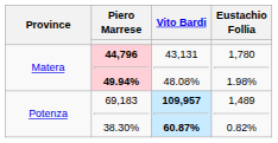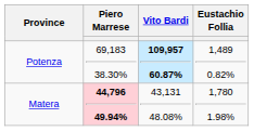 <table class="wikitable" style="text-align:center;font-size:90%;line-height:20px">
 <tr style="height:30px; background-color:#E9E9E9">
 <th style="width:110px;" rowspan="2">Province</th>
 <th style="width:75px;">Piero Marrese</th>
 <th style="width:75px;"><a href='#'>Vito Bardi</a></th>
 <th style="width:75px;">Eustachio Follia</th>
 </tr>
 <tr>
 <th style="background:"></th>
 <th style="background:"></th>
 <th style="background:"></th>
 </tr>
 <tr>
+<td><a href='#'>Potenza</a></td>
+<td>69,183 <hr>38.30%</td>
+<td style="background:#C8EBFF"><strong>109,957 <hr>60.87%</strong></td>
+<td>1,489 <hr>0.82%</td>
+</tr>
+<tr>
 <td><a href='#'>Matera</a></td>
 <td style="background:#FFD0D7"><strong>44,796 <hr>49.94%</strong></td>
 <td>43,131 <hr>48.08%</td>
 <td>1,780 <hr>1.98%</td>
 </tr>
-<tr>
-<td><a href='#'>Potenza</a></td>
-<td>69,183 <hr>38.30%</td>
-<td style="background:#C8EBFF"><strong>109,957 <hr>60.87%</strong></td>
-<td>1,489 <hr>0.82%</td>
-</tr>
 </table>
